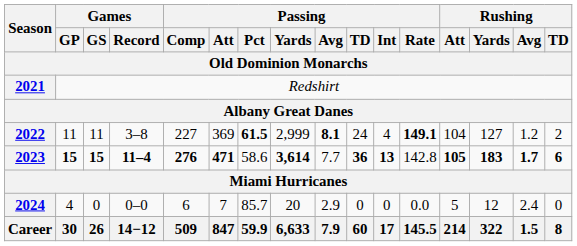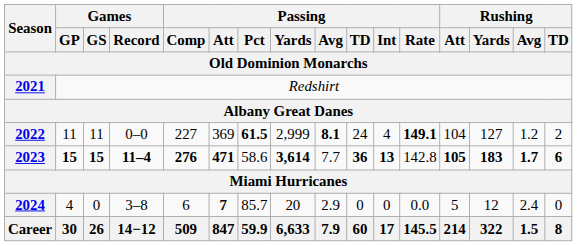 <table class="wikitable" style="text-align:center;">
 <tr>
 <th rowspan="2">Season</th>
 <th colspan="3">Games</th>
 <th colspan="8">Passing</th>
 <th colspan="4">Rushing</th>
 </tr>
 <tr>
 <th>GP</th>
 <th>GS</th>
 <th>Record</th>
 <th>Comp</th>
 <th>Att</th>
 <th>Pct</th>
 <th>Yards</th>
 <th>Avg</th>
 <th>TD</th>
 <th>Int</th>
 <th>Rate</th>
 <th>Att</th>
 <th>Yards</th>
 <th>Avg</th>
 <th>TD</th>
 </tr>
 <tr>
 <th colspan="16">Old Dominion Monarchs</th>
 </tr>
 <tr>
 <th><a href='#'>2021</a></th>
 <td colspan="16"><em>Redshirt </em></td>
 </tr>
 <tr>
 <th colspan="16">Albany Great Danes</th>
 </tr>
 <tr>
 <th><a href='#'>2022</a></th>
 <td>11</td>
 <td>11</td>
-<td>3–8</td>
+<td>0–0</td>
 <td>227</td>
 <td>369</td>
 <td><strong>61.5</strong></td>
 <td>2,999</td>
 <td><strong>8.1</strong></td>
 <td>24</td>
 <td>4</td>
 <td><strong>149.1</strong></td>
 <td>104</td>
 <td>127</td>
 <td>1.2</td>
 <td>2</td>
 </tr>
 <tr>
 <th><a href='#'>2023</a></th>
 <td><strong>15</strong></td>
 <td><strong>15</strong></td>
 <td><strong>11–4</strong></td>
 <td><strong>276</strong></td>
 <td><strong>471</strong></td>
 <td>58.6</td>
 <td><strong>3,614</strong></td>
 <td>7.7</td>
 <td><strong>36</strong></td>
 <td><strong>13</strong></td>
 <td>142.8</td>
 <td><strong>105</strong></td>
 <td><strong>183</strong></td>
 <td><strong>1.7</strong></td>
 <td><strong>6</strong></td>
 </tr>
 <tr>
 <th colspan="16">Miami Hurricanes</th>
 </tr>
 <tr>
 <th><a href='#'>2024</a></th>
 <td>4</td>
 <td>0</td>
-<td>0–0</td>
+<td>3–8</td>
 <td>6</td>
-<td>7</td>
+<td><strong>7</strong></td>
 <td>85.7</td>
 <td>20</td>
 <td>2.9</td>
 <td>0</td>
 <td>0</td>
 <td>0.0</td>
 <td>5</td>
 <td>12</td>
 <td>2.4</td>
 <td>0</td>
 </tr>
 <tr>
 <th>Career</th>
 <th>30</th>
 <th>26</th>
 <th>14−12</th>
 <th>509</th>
 <th>847</th>
 <th>59.9</th>
 <th>6,633</th>
 <th>7.9</th>
 <th>60</th>
 <th>17</th>
 <th>145.5</th>
 <th>214</th>
 <th>322</th>
 <th>1.5</th>
 <th>8</th>
 </tr>
 </table>
